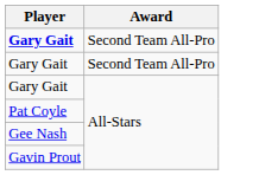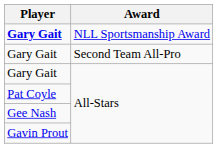 <table class="wikitable">
 <tr>
 <th>Player</th>
 <th>Award</th>
 </tr>
 <tr>
 <td><strong><a href='#'>Gary Gait</a></strong></td>
-<td>Second Team All-Pro</td>
+<td><a href='#'>NLL Sportsmanship Award</a></td>
 </tr>
 <tr>
 <td>Gary Gait</td>
 <td>Second Team All-Pro</td>
 </tr>
 <tr>
 <td>Gary Gait</td>
 <td rowspan=4>All-Stars</td>
 </tr>
 <tr>
 <td><a href='#'>Pat Coyle</a></td>
 </tr>
 <tr>
 <td><a href='#'>Gee Nash</a></td>
 </tr>
 <tr>
 <td><a href='#'>Gavin Prout</a></td>
 </tr>
 </table>
